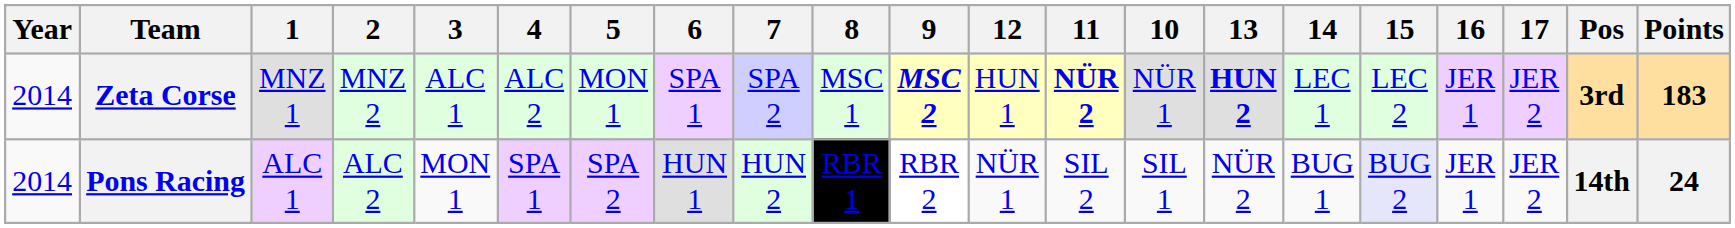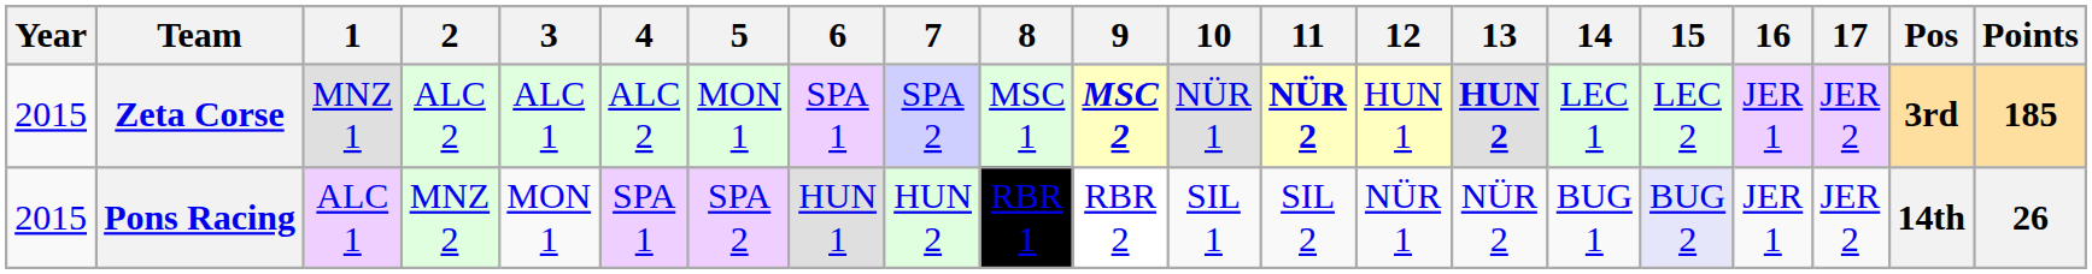 <table class="wikitable" style="text-align:center; font-size:85%">
 <tr>
 <th>Year</th>
 <th>Team</th>
 <th>1</th>
 <th>2</th>
 <th>3</th>
 <th>4</th>
 <th>5</th>
 <th>6</th>
 <th>7</th>
 <th>8</th>
 <th>9</th>
+<th>10</th>
+<th>11</th>
 <th>12</th>
-<th>11</th>
-<th>10</th>
 <th>13</th>
 <th>14</th>
 <th>15</th>
 <th>16</th>
 <th>17</th>
 <th>Pos</th>
 <th>Points</th>
 </tr>
 <tr>
-<td><a href='#'>2014</a></td>
+<td><a href='#'>2015</a></td>
 <th nowrap><a href='#'>Zeta Corse</a></th>
 <td style="background:#DFDFDF"><a href='#'>MNZ<br>1</a><br></td>
-<td style="background:#DFFFDF"><a href='#'>MNZ<br>2</a><br></td>
+<td style="background:#DFFFDF"><a href='#'>ALC<br>2</a><br></td>
 <td style="background:#DFFFDF"><a href='#'>ALC<br>1</a><br></td>
 <td style="background:#DFFFDF"><a href='#'>ALC<br>2</a><br></td>
 <td style="background:#DFFFDF"><a href='#'>MON<br>1</a><br></td>
 <td style="background:#EFCFFF"><a href='#'>SPA<br>1</a><br></td>
 <td style="background:#CFCFFF"><a href='#'>SPA<br>2</a><br></td>
 <td style="background:#DFFFDF"><a href='#'>MSC<br>1</a><br></td>
 <td style="background:#FFFFBF"><strong><em><a href='#'>MSC<br>2</a></em></strong><br></td>
+<td style="background:#DFDFDF"><a href='#'>NÜR<br>1</a><br></td>
+<td style="background:#FFFFBF"><strong><a href='#'>NÜR<br>2</a></strong><br></td>
 <td style="background:#FFFFBF"><a href='#'>HUN<br>1</a><br></td>
-<td style="background:#FFFFBF"><strong><a href='#'>NÜR<br>2</a></strong><br></td>
-<td style="background:#DFDFDF"><a href='#'>NÜR<br>1</a><br></td>
 <td style="background:#DFDFDF"><strong><a href='#'>HUN<br>2</a></strong><br></td>
 <td style="background:#DFFFDF"><a href='#'>LEC<br>1</a><br></td>
 <td style="background:#DFFFDF"><a href='#'>LEC<br>2</a><br></td>
 <td style="background:#EFCFFF"><a href='#'>JER<br>1</a><br></td>
 <td style="background:#EFCFFF"><a href='#'>JER<br>2</a><br></td>
 <th style="background:#FFDF9F">3rd</th>
-<th style="background:#FFDF9F">183</th>
+<th style="background:#FFDF9F">185</th>
 </tr>
 <tr>
-<td><a href='#'>2014</a></td>
+<td><a href='#'>2015</a></td>
 <th nowrap><a href='#'>Pons Racing</a></th>
 <td style="background:#EFCFFF"><a href='#'>ALC<br>1</a><br></td>
-<td style="background:#DFFFDF"><a href='#'>ALC<br>2</a><br></td>
+<td style="background:#DFFFDF"><a href='#'>MNZ<br>2</a><br></td>
 <td><a href='#'>MON<br>1</a></td>
 <td style="background:#EFCFFF"><a href='#'>SPA<br>1</a><br></td>
 <td style="background:#EFCFFF"><a href='#'>SPA<br>2</a><br></td>
 <td style="background:#DFDFDF"><a href='#'>HUN<br>1</a><br></td>
 <td style="background:#DFFFDF"><a href='#'>HUN<br>2</a><br></td>
 <td style="background:#000000; color:white"><a href='#'><span>RBR<br>1</span></a><br></td>
 <td style="background:#FFFFFF"><a href='#'>RBR<br>2</a><br></td>
+<td><a href='#'>SIL<br>1</a></td>
+<td><a href='#'>SIL<br>2</a></td>
 <td><a href='#'>NÜR<br>1</a></td>
-<td><a href='#'>SIL<br>2</a></td>
-<td><a href='#'>SIL<br>1</a></td>
 <td><a href='#'>NÜR<br>2</a></td>
 <td><a href='#'>BUG<br>1</a></td>
 <td style="background: lavender;"><a href='#'>BUG<br>2</a></td>
 <td><a href='#'>JER<br>1</a></td>
 <td><a href='#'>JER<br>2</a></td>
 <th>14th</th>
-<th>24</th>
+<th>26</th>
 </tr>
 </table>
